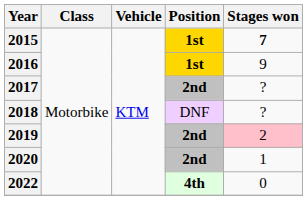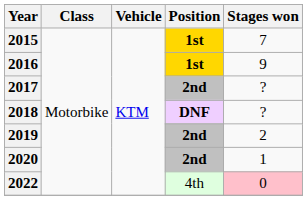 <table class="wikitable">
 <tr>
 <th>Year</th>
 <th>Class</th>
 <th>Vehicle</th>
 <th>Position</th>
 <th>Stages won</th>
 </tr>
 <tr>
 <th>2015</th>
 <td rowspan="7">Motorbike</td>
 <td rowspan="7"> <a href='#'>KTM</a></td>
 <td align="center" style="background:gold;"><strong>1st</strong></td>
-<td align="center"><strong>7</strong></td>
+<td align="center">7</td>
 </tr>
 <tr>
 <th>2016</th>
 <td align="center" style="background:gold;"><strong>1st</strong></td>
 <td align="center">9</td>
 </tr>
 <tr>
 <th>2017</th>
 <td align="center" style="background:silver;"><strong>2nd</strong></td>
 <td align="center">?</td>
 </tr>
 <tr>
 <th>2018</th>
-<td align="center" style="background:#EFCFFF;">DNF</td>
+<td align="center" style="background:#EFCFFF;"><strong>DNF</strong></td>
 <td align="center">?</td>
 </tr>
 <tr>
 <th>2019</th>
 <td align="center" style="background:silver;"><strong>2nd</strong></td>
-<td align="center" style="background: pink;">2</td>
+<td align="center">2</td>
 </tr>
 <tr>
 <th>2020</th>
 <td align="center" style="background:silver;"><strong>2nd</strong></td>
 <td align="center">1</td>
 </tr>
 <tr>
 <th>2022</th>
-<td align="center" style="background:#DFFFDF;"><strong>4th</strong></td>
-<td align="center">0</td>
+<td align="center" style="background:#DFFFDF;">4th</td>
+<td align="center" style="background: pink;">0</td>
 </tr>
 <tr>
 </tr>
 </table>
